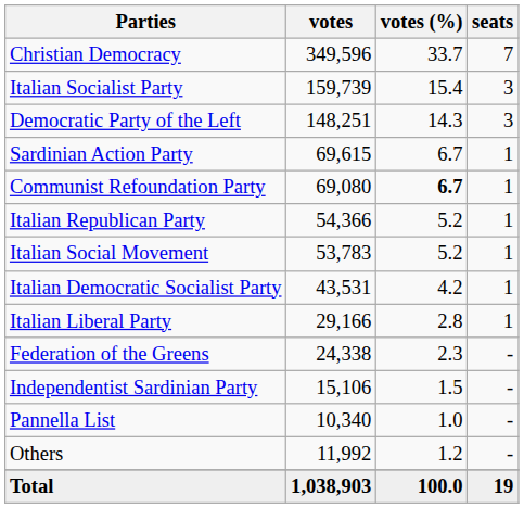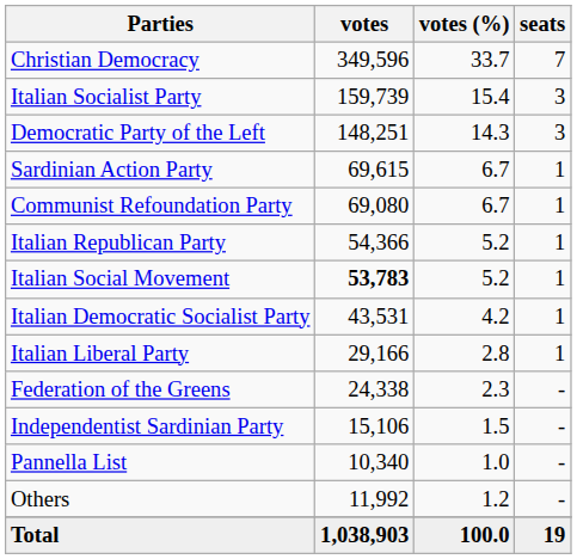 <table class="wikitable" style="font-size:95%">
 <tr bgcolor="EFEFEF">
 <th>Parties</th>
 <th>votes</th>
 <th>votes (%)</th>
 <th>seats</th>
 </tr>
 <tr>
 <td><a href='#'>Christian Democracy</a></td>
 <td align=right>349,596</td>
 <td align=right>33.7</td>
 <td align=right>7</td>
 </tr>
 <tr>
 <td><a href='#'>Italian Socialist Party</a></td>
 <td align=right>159,739</td>
 <td align=right>15.4</td>
 <td align=right>3</td>
 </tr>
 <tr>
 <td><a href='#'>Democratic Party of the Left</a></td>
 <td align=right>148,251</td>
 <td align=right>14.3</td>
 <td align=right>3</td>
 </tr>
 <tr>
 <td><a href='#'>Sardinian Action Party</a></td>
 <td align=right>69,615</td>
 <td align=right>6.7</td>
 <td align=right>1</td>
 </tr>
 <tr>
 <td><a href='#'>Communist Refoundation Party</a></td>
 <td align=right>69,080</td>
-<td align=right><strong>6.7</strong></td>
+<td align=right>6.7</td>
 <td align=right>1</td>
 </tr>
 <tr>
 <td><a href='#'>Italian Republican Party</a></td>
 <td align=right>54,366</td>
 <td align=right>5.2</td>
 <td align=right>1</td>
 </tr>
 <tr>
 <td><a href='#'>Italian Social Movement</a></td>
-<td align=right>53,783</td>
+<td align=right><strong>53,783</strong></td>
 <td align=right>5.2</td>
 <td align=right>1</td>
 </tr>
 <tr>
 <td><a href='#'>Italian Democratic Socialist Party</a></td>
 <td align=right>43,531</td>
 <td align=right>4.2</td>
 <td align=right>1</td>
 </tr>
 <tr>
 <td><a href='#'>Italian Liberal Party</a></td>
 <td align=right>29,166</td>
 <td align=right>2.8</td>
 <td align=right>1</td>
 </tr>
 <tr>
 <td><a href='#'>Federation of the Greens</a></td>
 <td align=right>24,338</td>
 <td align=right>2.3</td>
 <td align=right>-</td>
 </tr>
 <tr>
 <td><a href='#'>Independentist Sardinian Party</a></td>
 <td align=right>15,106</td>
 <td align=right>1.5</td>
 <td align=right>-</td>
 </tr>
 <tr>
 <td><a href='#'>Pannella List</a></td>
 <td align=right>10,340</td>
 <td align=right>1.0</td>
 <td align=right>-</td>
 </tr>
 <tr>
 <td>Others</td>
 <td align=right>11,992</td>
 <td align=right>1.2</td>
 <td align=right>-</td>
 </tr>
 <tr>
 </tr>
 <tr bgcolor="EFEFEF">
 <td><strong>Total</strong></td>
 <td align=right><strong>1,038,903</strong></td>
 <td align=right><strong>100.0</strong></td>
 <td align=right><strong>19</strong></td>
 </tr>
 </table>
